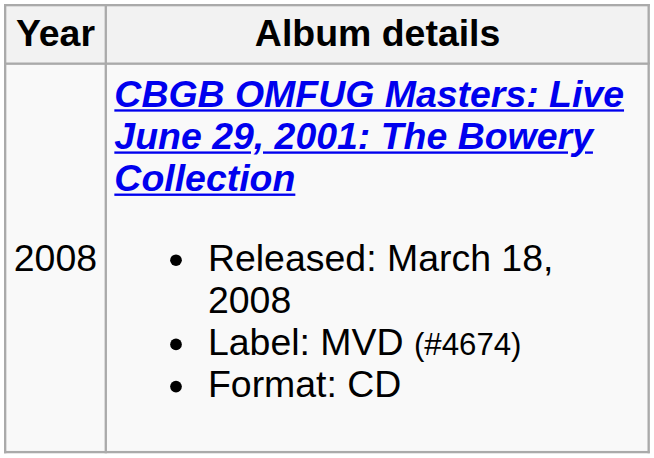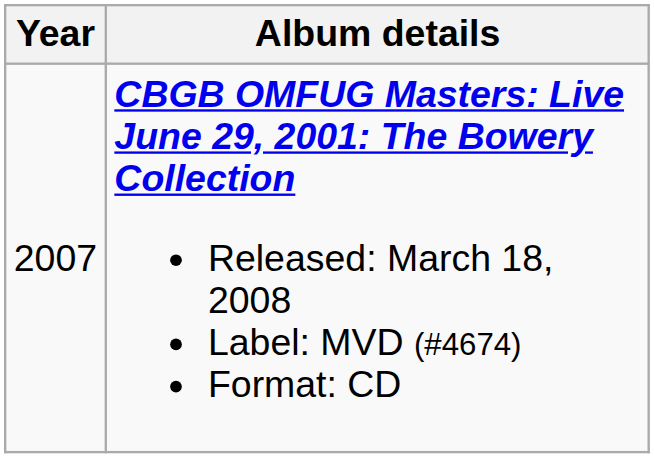 <table class="wikitable">
 <tr>
 <th>Year</th>
 <th width="225">Album details</th>
 </tr>
 <tr>
-<td>2008</td>
+<td>2007</td>
 <td><strong><em><a href='#'>CBGB OMFUG Masters: Live June 29, 2001: The Bowery Collection</a></em></strong><br><ul><li>Released: March 18, 2008</li><li>Label: MVD <small>(#4674)</small></li><li>Format: CD</li></ul></td>
 </tr>
 </table>
